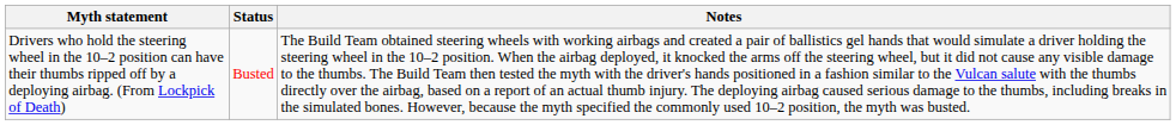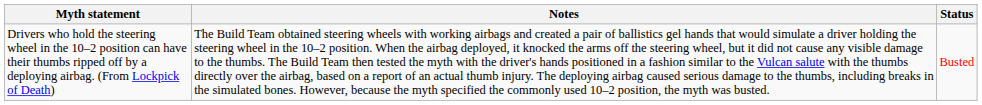 <table class="wikitable plainrowheaders">
 <tr>
 <th>Myth statement</th>
+<th>Notes</th>
 <th>Status</th>
-<th>Notes</th>
 </tr>
 <tr>
 <td>Drivers who hold the steering wheel in the 10–2 position can have their thumbs ripped off by a deploying airbag. (From <a href='#'>Lockpick of Death</a>)</td>
+<td>The Build Team obtained steering wheels with working airbags and created a pair of ballistics gel hands that would simulate a driver holding the steering wheel in the 10–2 position. When the airbag deployed, it knocked the arms off the steering wheel, but it did not cause any visible damage to the thumbs. The Build Team then tested the myth with the driver's hands positioned in a fashion similar to the <a href='#'>Vulcan salute</a> with the thumbs directly over the airbag, based on a report of an actual thumb injury. The deploying airbag caused serious damage to the thumbs, including breaks in the simulated bones. However, because the myth specified the commonly used 10–2 position, the myth was busted.</td>
 <td style="color:Red">Busted</td>
-<td>The Build Team obtained steering wheels with working airbags and created a pair of ballistics gel hands that would simulate a driver holding the steering wheel in the 10–2 position. When the airbag deployed, it knocked the arms off the steering wheel, but it did not cause any visible damage to the thumbs. The Build Team then tested the myth with the driver's hands positioned in a fashion similar to the <a href='#'>Vulcan salute</a> with the thumbs directly over the airbag, based on a report of an actual thumb injury. The deploying airbag caused serious damage to the thumbs, including breaks in the simulated bones. However, because the myth specified the commonly used 10–2 position, the myth was busted.</td>
 </tr>
 </table>
